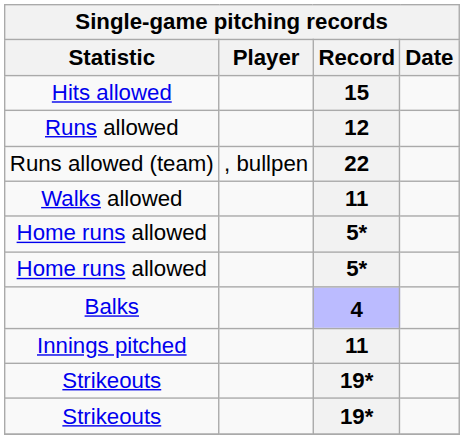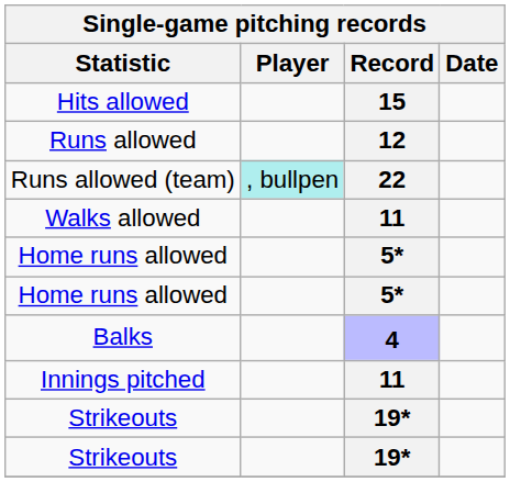 <table class="wikitable sortable" style="text-align:center">
 <tr>
 <th colspan=5>Single-game pitching records</th>
 </tr>
 <tr>
 <th scope="col">Statistic</th>
 <th scope="col">Player</th>
 <th scope="col" class="unsortable">Record</th>
 <th scope="col">Date</th>
 </tr>
 <tr>
 <td><a href='#'>Hits allowed</a></td>
 <td></td>
 <th scope="row">15</th>
 <td></td>
 </tr>
 <tr>
 <td><a href='#'>Runs</a> allowed</td>
 <td></td>
 <th scope="row">12</th>
 <td></td>
 </tr>
 <tr>
 <td>Runs allowed (team)</td>
-<td>, bullpen</td>
+<td style="background: paleturquoise;">, bullpen</td>
 <th scope="row">22</th>
 <td></td>
 </tr>
 <tr>
 <td><a href='#'>Walks</a> allowed</td>
 <td></td>
 <th scope="row">11</th>
 <td></td>
 </tr>
 <tr>
 <td><a href='#'>Home runs</a> allowed</td>
 <td></td>
 <th scope="row">5*</th>
 <td></td>
 </tr>
 <tr>
 <td><a href='#'>Home runs</a> allowed</td>
 <td></td>
 <th scope="row">5*</th>
 <td></td>
 </tr>
 <tr>
 <td><a href='#'>Balks</a></td>
 <td></td>
 <th scope="row" style="background-color:#bbbbff">4<sup></sup></th>
 <td></td>
 </tr>
 <tr>
 <td><a href='#'>Innings pitched</a></td>
 <td></td>
 <th scope="row">11</th>
 <td></td>
 </tr>
 <tr>
 <td><a href='#'>Strikeouts</a></td>
 <td></td>
 <th scope="row">19*</th>
 <td></td>
 </tr>
 <tr>
 <td><a href='#'>Strikeouts</a></td>
 <td></td>
 <th scope="row">19*</th>
 <td></td>
 </tr>
 <tr>
 </tr>
 </table>
